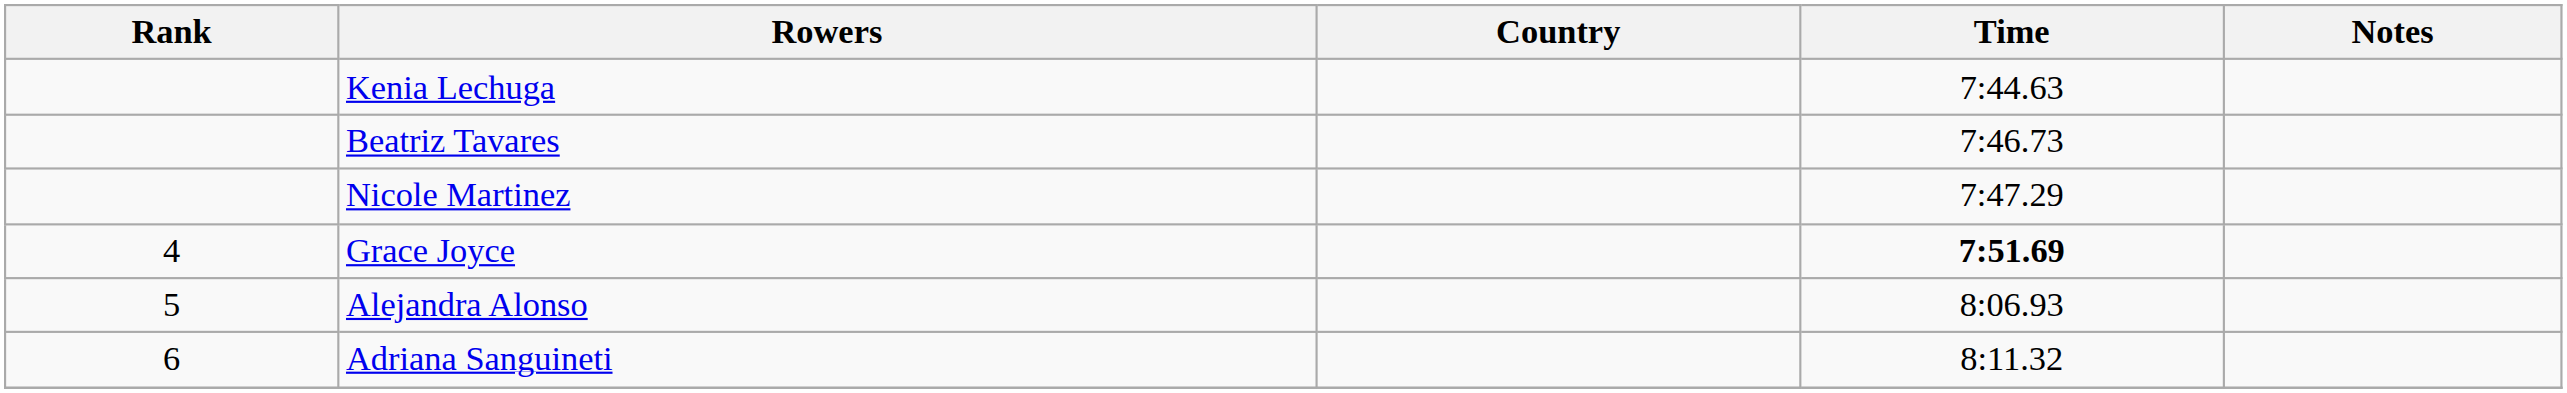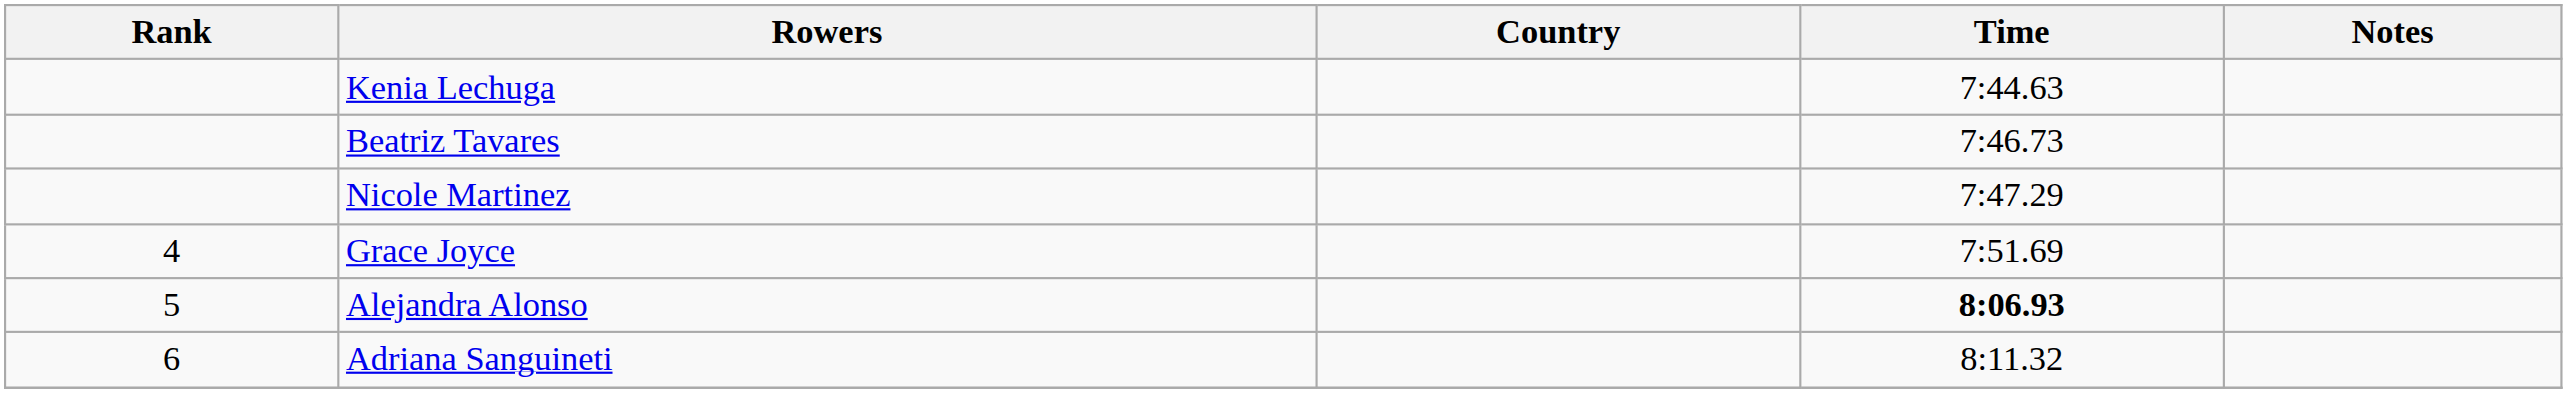 <table class="wikitable" width=60% style="text-align:center">
 <tr>
 <th>Rank</th>
 <th>Rowers</th>
 <th>Country</th>
 <th>Time</th>
 <th>Notes</th>
 </tr>
 <tr>
 <td></td>
 <td align=left><a href='#'>Kenia Lechuga</a></td>
 <td align=left></td>
 <td>7:44.63</td>
 <td></td>
 </tr>
 <tr>
 <td></td>
 <td align=left><a href='#'>Beatriz Tavares</a></td>
 <td align=left></td>
 <td>7:46.73</td>
 <td></td>
 </tr>
 <tr>
 <td></td>
 <td align=left><a href='#'>Nicole Martinez</a></td>
 <td align=left></td>
 <td>7:47.29</td>
 <td></td>
 </tr>
 <tr>
 <td>4</td>
 <td align=left><a href='#'>Grace Joyce</a></td>
 <td align=left></td>
-<td><strong>7:51.69</strong></td>
+<td>7:51.69</td>
 <td></td>
 </tr>
 <tr>
 <td>5</td>
 <td align=left><a href='#'>Alejandra Alonso</a></td>
 <td align=left></td>
-<td>8:06.93</td>
+<td><strong>8:06.93</strong></td>
 <td></td>
 </tr>
 <tr>
 <td>6</td>
 <td align=left><a href='#'>Adriana Sanguineti</a></td>
 <td align=left></td>
 <td>8:11.32</td>
 <td></td>
 </tr>
 <tr>
 </tr>
 </table>
